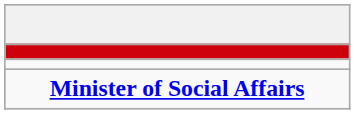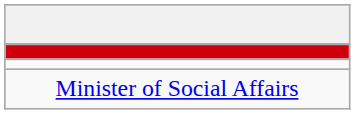 <table class="wikitable" style="font-size:90%; text-align:center;">
 <tr>
 <td style="background:#f1f1f1;" colspan="30"><br></td>
 </tr>
 <tr>
 <th style="width:3em; font-size:135%; background:#ce000c ; width:200px;"><a href='#'></a></th>
 </tr>
 <tr>
 <td></td>
 </tr>
 <tr>
-<td><strong><a href='#'>Minister of Social Affairs</a><br></strong></td>
+<td><a href='#'>Minister of Social Affairs</a><br></td>
 </tr>
 </table>
